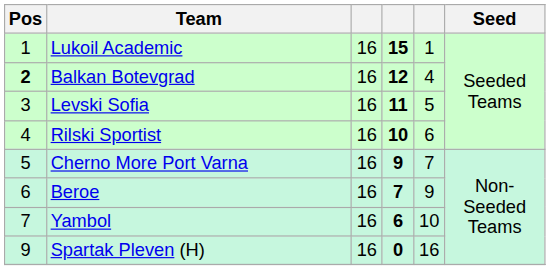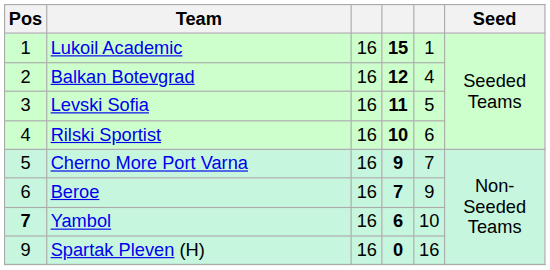 <table class="wikitable" style="text-align: center;">
 <tr>
 <th width=15>Pos</th>
 <th width=260>Team</th>
 <th width=20></th>
 <th width=20></th>
 <th width=20></th>
 <th width=80>Seed</th>
 </tr>
 <tr bgcolor="#cfc">
 <td>1</td>
 <td align="left"><a href='#'>Lukoil Academic</a></td>
 <td>16</td>
 <td><strong>15</strong></td>
 <td>1</td>
 <td rowspan=4>Seeded Teams</td>
 </tr>
 <tr bgcolor="#cfc">
-<td><strong>2</strong></td>
+<td>2</td>
 <td align="left"><a href='#'>Balkan Botevgrad</a></td>
 <td>16</td>
 <td><strong>12</strong></td>
 <td>4</td>
 </tr>
 <tr bgcolor="#cfc">
 <td>3</td>
 <td align="left"><a href='#'>Levski Sofia</a></td>
 <td>16</td>
 <td><strong>11</strong></td>
 <td>5</td>
 </tr>
 <tr bgcolor="#cfc">
 <td>4</td>
 <td align="left"><a href='#'>Rilski Sportist</a></td>
 <td>16</td>
 <td><strong>10</strong></td>
 <td>6</td>
 </tr>
 <tr bgcolor="#c6f7de">
 <td>5</td>
 <td align="left"><a href='#'>Cherno More Port Varna</a></td>
 <td>16</td>
 <td><strong>9</strong></td>
 <td>7</td>
 <td rowspan=4>Non-Seeded Teams</td>
 </tr>
 <tr bgcolor="#c6f7de">
 <td>6</td>
 <td align="left"><a href='#'>Beroe</a></td>
 <td>16</td>
 <td><strong>7</strong></td>
 <td>9</td>
 </tr>
 <tr bgcolor="#c6f7de ">
-<td>7</td>
+<td><strong>7</strong></td>
 <td align="left"><a href='#'>Yambol</a></td>
 <td>16</td>
 <td><strong>6</strong></td>
 <td>10</td>
 </tr>
 <tr bgcolor="#c6f7de">
 <td>9</td>
 <td align="left"><a href='#'>Spartak Pleven</a> (H)</td>
 <td>16</td>
 <td><strong>0</strong></td>
 <td>16</td>
 </tr>
 <tr>
 </tr>
 </table>
